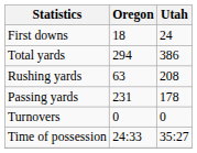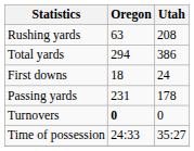 <table class="wikitable">
 <tr>
 <th>Statistics</th>
 <th>Oregon</th>
 <th>Utah</th>
 </tr>
 <tr>
-<td>First downs</td>
-<td>18</td>
-<td>24</td>
+<td>Rushing yards</td>
+<td>63</td>
+<td>208</td>
 </tr>
 <tr>
 <td>Total yards</td>
 <td>294</td>
 <td>386</td>
 </tr>
 <tr>
-<td>Rushing yards</td>
-<td>63</td>
-<td>208</td>
+<td>First downs</td>
+<td>18</td>
+<td>24</td>
 </tr>
 <tr>
 <td>Passing yards</td>
 <td>231</td>
 <td>178</td>
 </tr>
 <tr>
 <td>Turnovers</td>
-<td>0</td>
+<td><strong>0</strong></td>
 <td>0</td>
 </tr>
 <tr>
 <td>Time of possession</td>
 <td>24:33</td>
 <td>35:27</td>
 </tr>
 <tr>
 </tr>
 </table>
